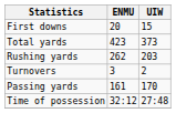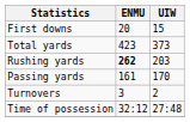 <table class="wikitable">
 <tr>
 <th>Statistics</th>
 <th>ENMU</th>
 <th>UIW</th>
 </tr>
 <tr>
 <td>First downs</td>
 <td>20</td>
 <td>15</td>
 </tr>
 <tr>
 <td>Total yards</td>
 <td>423</td>
 <td>373</td>
 </tr>
 <tr>
 <td>Rushing yards</td>
-<td>262</td>
+<td><strong>262</strong></td>
 <td>203</td>
+</tr>
+<tr>
+<td>Passing yards</td>
+<td>161</td>
+<td>170</td>
 </tr>
 <tr>
 <td>Turnovers</td>
 <td>3</td>
 <td>2</td>
-</tr>
-<tr>
-<td>Passing yards</td>
-<td>161</td>
-<td>170</td>
 </tr>
 <tr>
 <td>Time of possession</td>
 <td>32:12</td>
 <td>27:48</td>
 </tr>
 <tr>
 </tr>
 </table>
